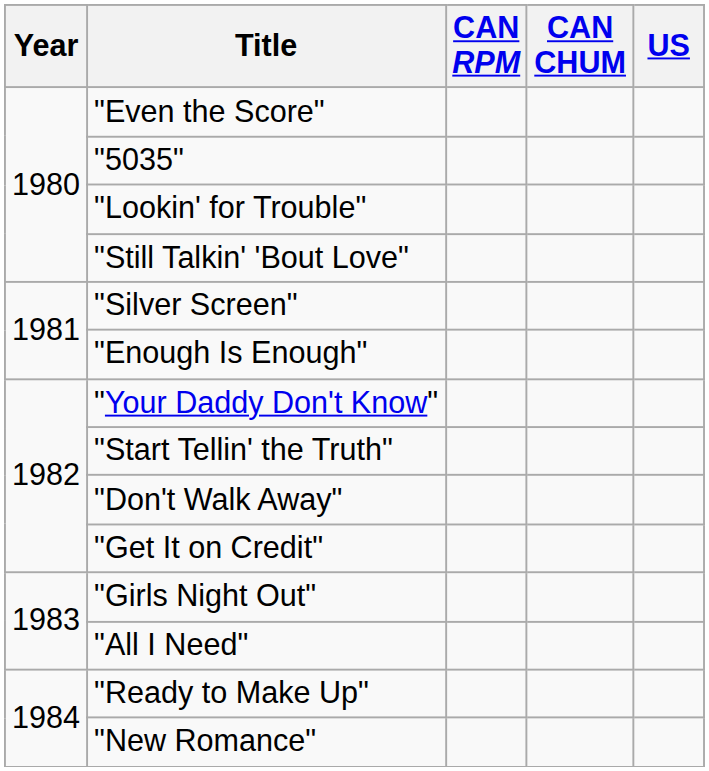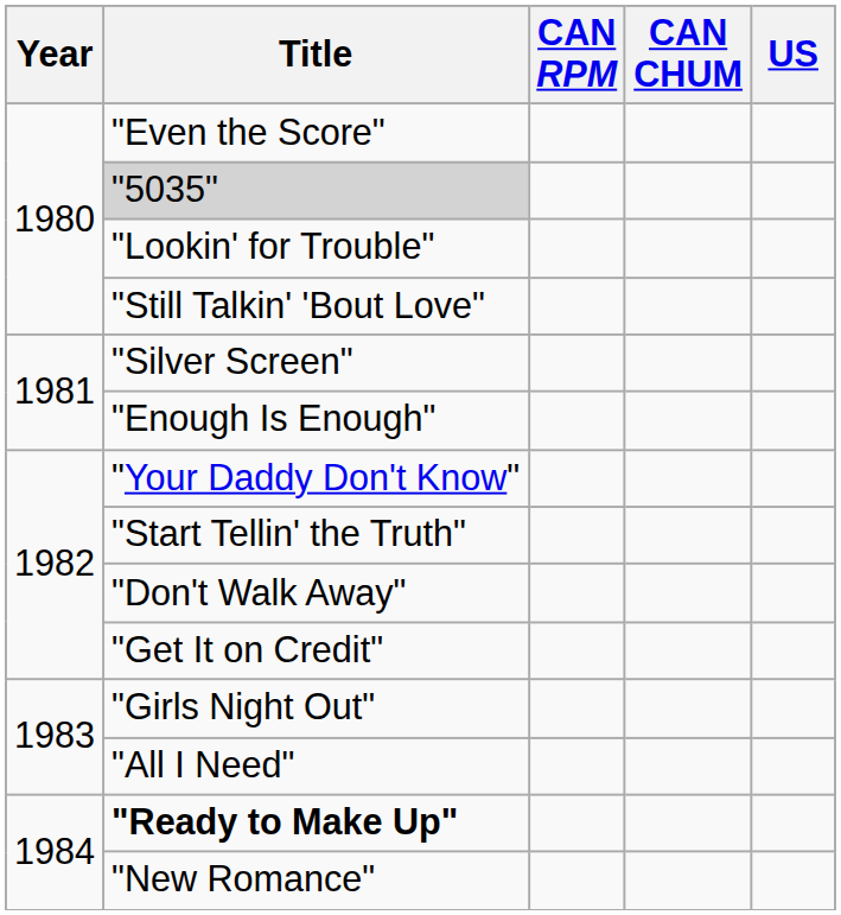 <table class=wikitable>
 <tr>
 <th>Year</th>
 <th>Title</th>
 <th width="30"><a href='#'>CAN<br><em>RPM</em></a></th>
 <th width="30"><a href='#'>CAN<br>CHUM</a></th>
 <th width="30"><a href='#'>US</a></th>
 </tr>
 <tr>
 <td rowspan="4">1980</td>
 <td>"Even the Score"</td>
 <td></td>
 <td></td>
 <td></td>
 </tr>
 <tr>
-<td>"5035"</td>
+<td style="background: lightgrey;">"5035"</td>
 <td></td>
 <td></td>
 <td></td>
 </tr>
 <tr>
 <td>"Lookin' for Trouble"</td>
 <td></td>
 <td></td>
 <td></td>
 </tr>
 <tr>
 <td>"Still Talkin' 'Bout Love"</td>
 <td></td>
 <td></td>
 <td></td>
 </tr>
 <tr>
 <td rowspan="2">1981</td>
 <td>"Silver Screen"</td>
 <td></td>
 <td></td>
 <td></td>
 </tr>
 <tr>
 <td>"Enough Is Enough"</td>
 <td></td>
 <td></td>
 <td></td>
 </tr>
 <tr>
 <td rowspan="4">1982</td>
 <td>"<a href='#'>Your Daddy Don't Know</a>"</td>
 <td></td>
 <td></td>
 <td></td>
 </tr>
 <tr>
 <td>"Start Tellin' the Truth"</td>
 <td></td>
 <td></td>
 <td></td>
 </tr>
 <tr>
 <td>"Don't Walk Away"</td>
 <td></td>
 <td></td>
 <td></td>
 </tr>
 <tr>
 <td>"Get It on Credit"</td>
 <td></td>
 <td></td>
 <td></td>
 </tr>
 <tr>
 <td rowspan="2">1983</td>
 <td>"Girls Night Out"</td>
 <td></td>
 <td></td>
 <td></td>
 </tr>
 <tr>
 <td>"All I Need"</td>
 <td></td>
 <td></td>
 <td></td>
 </tr>
 <tr>
 <td rowspan="2">1984</td>
-<td>"Ready to Make Up"</td>
+<td><strong>"Ready to Make Up"</strong></td>
 <td></td>
 <td></td>
 <td></td>
 </tr>
 <tr>
 <td>"New Romance"</td>
 <td></td>
 <td></td>
 <td></td>
 </tr>
 <tr>
 </tr>
 </table>
